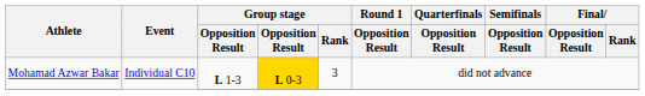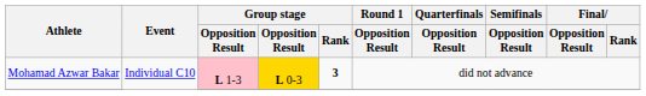 <table class=wikitable style="text-align: center; font-size:90%">
 <tr>
 <th rowspan="2">Athlete</th>
 <th rowspan="2">Event</th>
 <th colspan="3">Group stage</th>
 <th>Round 1</th>
 <th>Quarterfinals</th>
 <th>Semifinals</th>
 <th colspan="2">Final/</th>
 </tr>
 <tr>
 <th>Opposition<br>Result</th>
 <th>Opposition<br>Result</th>
 <th>Rank</th>
 <th>Opposition<br>Result</th>
 <th>Opposition<br>Result</th>
 <th>Opposition<br>Result</th>
 <th>Opposition<br>Result</th>
 <th>Rank</th>
 </tr>
 <tr>
 <td align=left><a href='#'>Mohamad Azwar Bakar</a></td>
 <td align=left rowspan=2><a href='#'>Individual C10</a></td>
-<td><br><strong>L</strong> 1-3</td>
+<td style="background: pink;"><br><strong>L</strong> 1-3</td>
 <td style="background: gold;"><br><strong>L</strong> 0-3</td>
-<td>3</td>
+<td><strong>3</strong></td>
 <td align="center" colspan="5">did not advance</td>
 </tr>
 <tr>
 </tr>
 </table>
